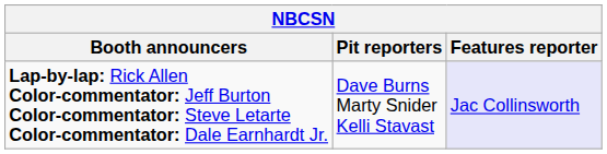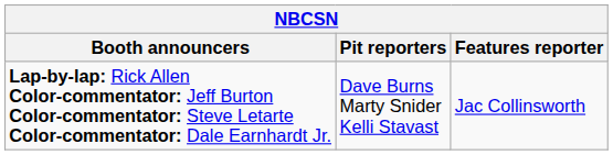 <table class="wikitable" style="font-size: 95%">
 <tr>
 <th colspan="3"><a href='#'>NBCSN</a></th>
 </tr>
 <tr>
 <th>Booth announcers</th>
 <th>Pit reporters</th>
 <th>Features reporter</th>
 </tr>
 <tr>
 <td><strong>Lap-by-lap:</strong> <a href='#'>Rick Allen</a><br><strong>Color-commentator:</strong> <a href='#'>Jeff Burton</a><br><strong>Color-commentator:</strong> <a href='#'>Steve Letarte</a><br><strong>Color-commentator:</strong> <a href='#'>Dale Earnhardt Jr.</a></td>
 <td><a href='#'>Dave Burns</a><br>Marty Snider<br><a href='#'>Kelli Stavast</a></td>
-<td style="background: lavender;"><a href='#'>Jac Collinsworth</a></td>
+<td><a href='#'>Jac Collinsworth</a></td>
 </tr>
 </table>
